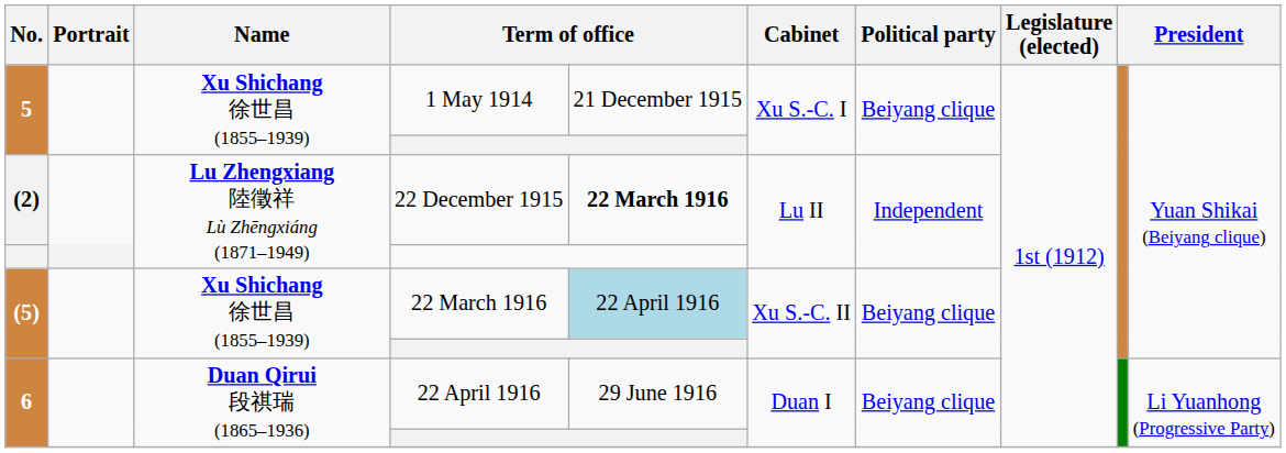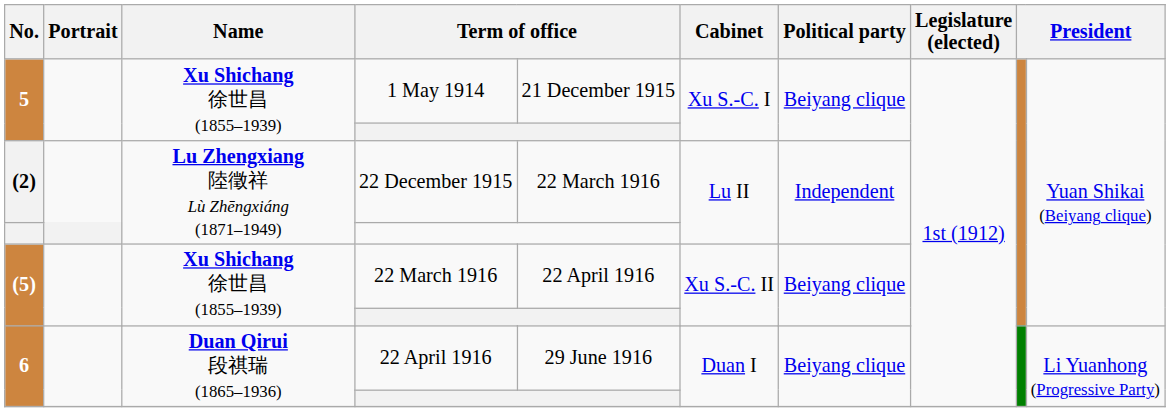 <table class="wikitable" style="text-align:center">
 <tr>
 <th>No.</th>
 <th>Portrait</th>
 <th width=20%>Name<br></th>
 <th colspan=2>Term of office<br></th>
 <th>Cabinet</th>
 <th>Political party</th>
 <th>Legislature<br>(elected)</th>
 <th colspan=2><a href='#'>President</a></th>
 </tr>
 <tr>
 <th style="background:#CD853F; color:white;" rowspan=2>5</th>
 <td rowspan=2></td>
 <td rowspan=2 align=center><strong><a href='#'>Xu Shichang</a></strong><br><span>徐世昌</span><br><small>(1855–1939)</small></td>
 <td>1 May 1914</td>
 <td>21 December 1915</td>
 <td rowspan=2><a href='#'>Xu S.-C.</a> I</td>
 <td rowspan=2><a href='#'>Beiyang clique</a></td>
 <td rowspan=9 align="center"><a href='#'>1st (1912)</a></td>
 <td rowspan=7 bgcolor="#CD853F"></td>
 <td rowspan=7><br><a href='#'>Yuan Shikai</a> <br><small>(<a href='#'>Beiyang clique</a>)</small></td>
 </tr>
 <tr>
 <th colspan=2 style="font-size:90%; font-weight:normal"></th>
 </tr>
 <tr>
 <th style="background:">(2)</th>
 <td rowspan=2></td>
 <td rowspan=2 align=center><strong><a href='#'>Lu Zhengxiang</a></strong><br><span>陸徵祥</span><br><small><em>Lù Zhēngxiáng</em><br>(1871–1949)</small></td>
 <td>22 December 1915</td>
-<td><strong>22 March 1916</strong></td>
+<td>22 March 1916</td>
 <td rowspan=2><a href='#'>Lu</a> II</td>
 <td rowspan=2><a href='#'>Independent</a></td>
 </tr>
 <tr>
 <th colspan=2 style="font-size:90%; font-weight:normal"></th>
 </tr>
 <tr>
 <th style="background:#CD853F; color:white;" rowspan=2>(5)</th>
 <td rowspan=2></td>
 <td rowspan=2 align=center><strong><a href='#'>Xu Shichang</a></strong><br><span>徐世昌</span><br><small>(1855–1939)</small></td>
 <td>22 March 1916</td>
-<td style="background: lightblue;">22 April 1916</td>
+<td>22 April 1916</td>
 <td rowspan=2><a href='#'>Xu S.-C.</a> II</td>
 <td rowspan=2><a href='#'>Beiyang clique</a></td>
 </tr>
 <tr>
 <th colspan=2 style="font-size:90%; font-weight:normal"></th>
 </tr>
 <tr>
 <th rowspan=3 style="background:#CD853F; color:white;">6</th>
 <td rowspan=3></td>
 <td rowspan=3 align=center><strong><a href='#'>Duan Qirui</a></strong><br><span>段祺瑞</span><br><small>(1865–1936)</small></td>
 <td rowspan=2>22 April 1916</td>
 <td rowspan=2>29 June 1916</td>
 <td rowspan=3><a href='#'>Duan</a> I</td>
 <td rowspan=3><a href='#'>Beiyang clique</a></td>
 </tr>
 <tr>
 <th style="background:#008000;" rowspan=2></th>
 <td rowspan=2><br><a href='#'>Li Yuanhong</a><br><small>(<a href='#'>Progressive Party</a>)</small></td>
 </tr>
 <tr>
 <th colspan=2 style="font-size:90%; font-weight:normal"></th>
 </tr>
 <tr>
 </tr>
 </table>
